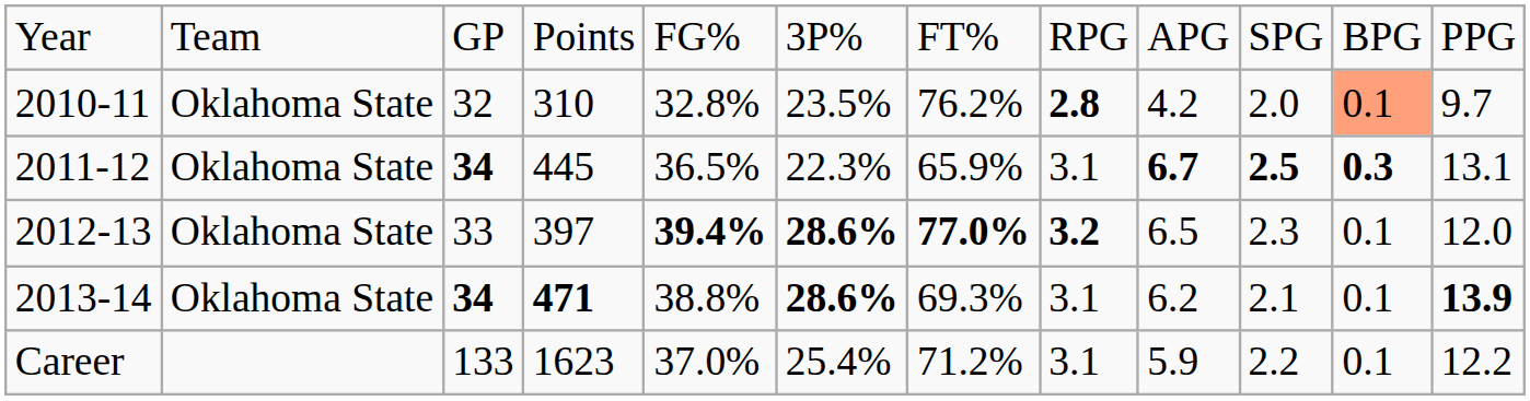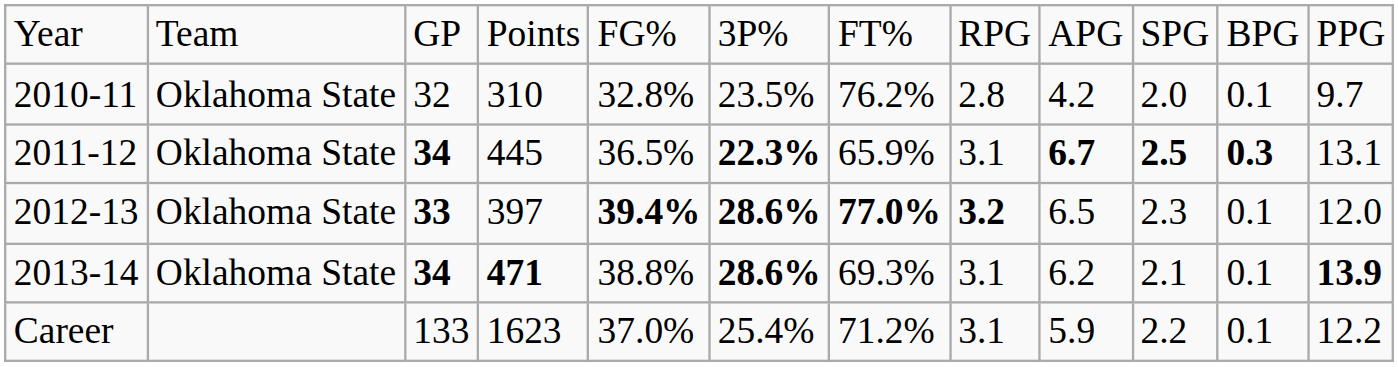 <table class="wikitable">
 <tr>
 <td>Year</td>
 <td>Team</td>
 <td>GP</td>
 <td>Points</td>
 <td>FG%</td>
 <td>3P%</td>
 <td>FT%</td>
 <td>RPG</td>
 <td>APG</td>
 <td>SPG</td>
 <td>BPG</td>
 <td>PPG</td>
 </tr>
 <tr>
 <td>2010-11</td>
 <td>Oklahoma State</td>
 <td>32</td>
 <td>310</td>
 <td>32.8%</td>
 <td>23.5%</td>
 <td>76.2%</td>
-<td><strong>2.8</strong></td>
+<td>2.8</td>
 <td>4.2</td>
 <td>2.0</td>
-<td style="background: lightsalmon;">0.1</td>
+<td>0.1</td>
 <td>9.7</td>
 </tr>
 <tr>
 <td>2011-12</td>
 <td>Oklahoma State</td>
 <td><strong>34</strong></td>
 <td>445</td>
 <td>36.5%</td>
-<td>22.3%</td>
+<td><strong>22.3%</strong></td>
 <td>65.9%</td>
 <td>3.1</td>
 <td><strong>6.7</strong></td>
 <td><strong>2.5</strong></td>
 <td><strong>0.3</strong></td>
 <td>13.1</td>
 </tr>
 <tr>
 <td>2012-13</td>
 <td>Oklahoma State</td>
-<td>33</td>
+<td><strong>33</strong></td>
 <td>397</td>
 <td><strong>39.4%</strong></td>
 <td><strong>28.6%</strong></td>
 <td><strong>77.0%</strong></td>
 <td><strong>3.2</strong></td>
 <td>6.5</td>
 <td>2.3</td>
 <td>0.1</td>
 <td>12.0</td>
 </tr>
 <tr>
 <td>2013-14</td>
 <td>Oklahoma State</td>
 <td><strong>34</strong></td>
 <td><strong>471</strong></td>
 <td>38.8%</td>
 <td><strong>28.6%</strong></td>
 <td>69.3%</td>
 <td>3.1</td>
 <td>6.2</td>
 <td>2.1</td>
 <td>0.1</td>
 <td><strong>13.9</strong></td>
 </tr>
 <tr>
 <td>Career</td>
 <td></td>
 <td>133</td>
 <td>1623</td>
 <td>37.0%</td>
 <td>25.4%</td>
 <td>71.2%</td>
 <td>3.1</td>
 <td>5.9</td>
 <td>2.2</td>
 <td>0.1</td>
 <td>12.2</td>
 </tr>
 </table>
